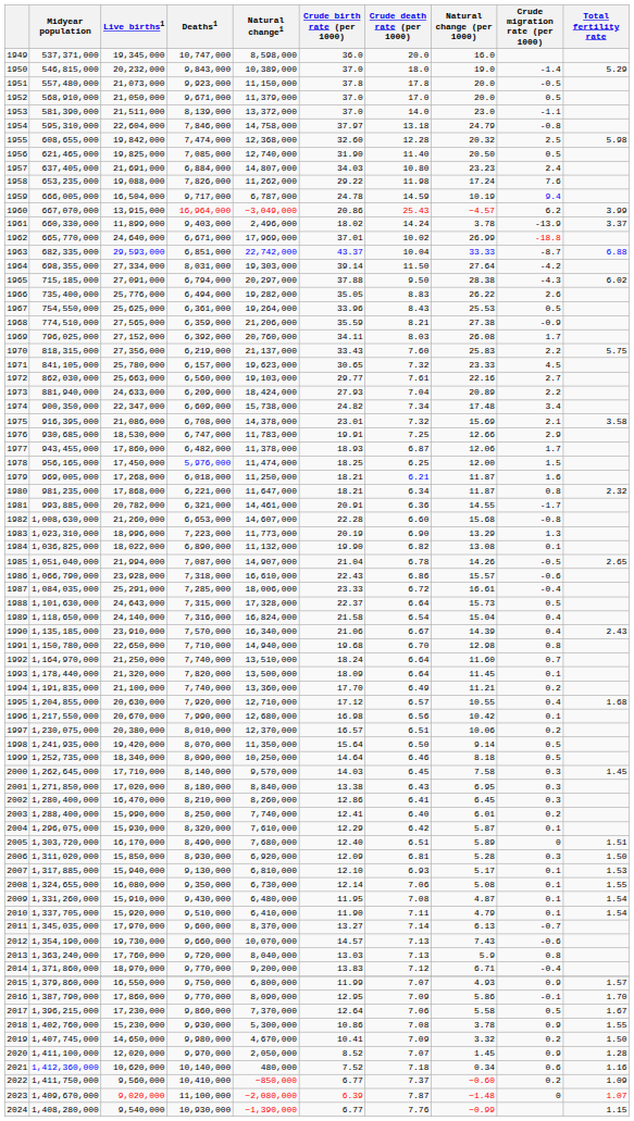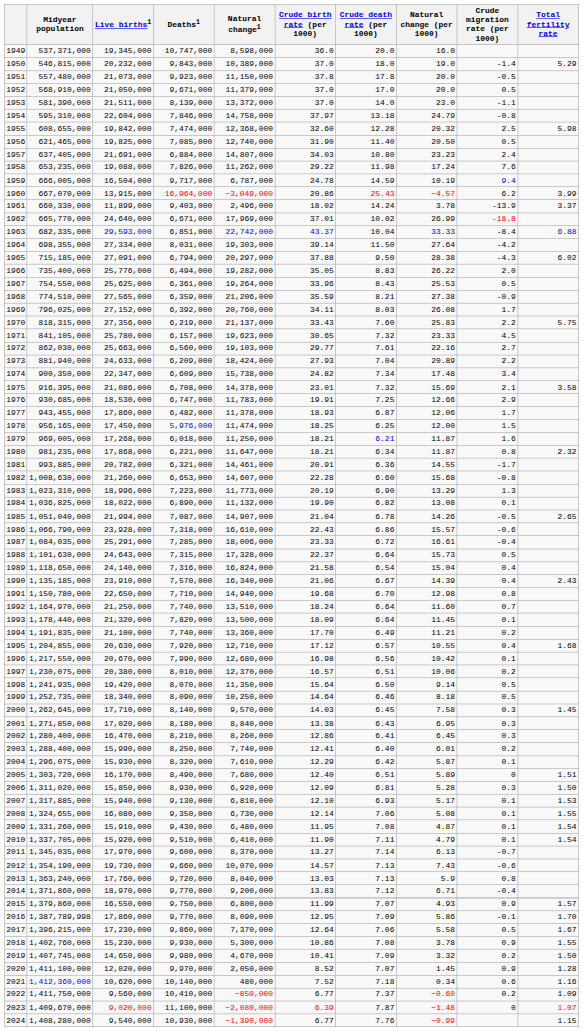 <table class="wikitable sortable" style="text-align: right">
 <tr>
 <th></th>
 <th style="width:70pt;">Midyear population</th>
 <th style="width:70pt;"><a href='#'>Live births</a><sup>1</sup></th>
 <th style="width:70pt;">Deaths<sup>1</sup></th>
 <th style="width:70pt;">Natural change<sup>1</sup></th>
 <th style="width:70pt;"><a href='#'>Crude birth rate</a> (per 1000)</th>
 <th style="width:70pt;"><a href='#'>Crude death rate</a> (per 1000)</th>
 <th style="width:70pt;">Natural change (per 1000)</th>
 <th style="width:70pt;">Crude migration rate (per 1000)</th>
 <th style="width:70pt;"><a href='#'>Total fertility rate</a></th>
 </tr>
 <tr>
 <td>1949</td>
 <td>537,371,000</td>
 <td>19,345,000</td>
 <td>10,747,000</td>
 <td>8,598,000</td>
 <td>36.0</td>
 <td>20.0</td>
 <td>16.0</td>
 <td></td>
 <td></td>
 </tr>
 <tr>
 <td>1950</td>
 <td>546,815,000</td>
 <td>20,232,000</td>
 <td>9,843,000</td>
 <td>10,389,000</td>
 <td>37.0</td>
 <td>18.0</td>
 <td>19.0</td>
 <td>-1.4</td>
 <td>5.29</td>
 </tr>
 <tr>
 <td>1951</td>
 <td>557,480,000</td>
 <td>21,073,000</td>
 <td>9,923,000</td>
 <td>11,150,000</td>
 <td>37.8</td>
 <td>17.8</td>
 <td>20.0</td>
 <td>-0.5</td>
 <td></td>
 </tr>
 <tr>
 <td>1952</td>
 <td>568,910,000</td>
 <td>21,050,000</td>
 <td>9,671,000</td>
 <td>11,379,000</td>
 <td>37.0</td>
 <td>17.0</td>
 <td>20.0</td>
 <td>0.5</td>
 <td></td>
 </tr>
 <tr>
 <td>1953</td>
 <td>581,390,000</td>
 <td>21,511,000</td>
 <td>8,139,000</td>
 <td>13,372,000</td>
 <td>37.0</td>
 <td>14.0</td>
 <td>23.0</td>
 <td>-1.1</td>
 <td></td>
 </tr>
 <tr>
 <td>1954</td>
 <td>595,310,000</td>
 <td>22,604,000</td>
 <td>7,846,000</td>
 <td>14,758,000</td>
 <td>37.97</td>
 <td>13.18</td>
 <td>24.79</td>
 <td>-0.8</td>
 <td></td>
 </tr>
 <tr>
 <td>1955</td>
 <td>608,655,000</td>
 <td>19,842,000</td>
 <td>7,474,000</td>
 <td>12,368,000</td>
 <td>32.60</td>
 <td>12.28</td>
 <td>20.32</td>
 <td>2.5</td>
 <td>5.98</td>
 </tr>
 <tr>
 <td>1956</td>
 <td>621,465,000</td>
 <td>19,825,000</td>
 <td>7,085,000</td>
 <td>12,740,000</td>
 <td>31.90</td>
 <td>11.40</td>
 <td>20.50</td>
 <td>0.5</td>
 <td></td>
 </tr>
 <tr>
 <td>1957</td>
 <td>637,405,000</td>
 <td>21,691,000</td>
 <td>6,884,000</td>
 <td>14,807,000</td>
 <td>34.03</td>
 <td>10.80</td>
 <td>23.23</td>
 <td>2.4</td>
 <td></td>
 </tr>
 <tr>
 <td>1958</td>
 <td>653,235,000</td>
 <td>19,088,000</td>
 <td>7,826,000</td>
 <td>11,262,000</td>
 <td>29.22</td>
 <td>11.98</td>
 <td>17.24</td>
 <td>7.6</td>
 <td></td>
 </tr>
 <tr>
 <td>1959</td>
 <td>666,005,000</td>
 <td>16,504,000</td>
 <td>9,717,000</td>
 <td>6,787,000</td>
 <td>24.78</td>
 <td>14.59</td>
 <td>10.19</td>
 <td style="color:blue">9.4</td>
 <td></td>
 </tr>
 <tr>
 <td>1960</td>
 <td>667,070,000</td>
 <td>13,915,000</td>
 <td style="color: red">16,964,000</td>
 <td style="color: red">−3,049,000</td>
 <td>20.86</td>
 <td style="color: red">25.43</td>
 <td style="color: red">−4.57</td>
 <td>6.2</td>
 <td>3.99</td>
 </tr>
 <tr>
 <td>1961</td>
 <td>660,330,000</td>
 <td>11,899,000</td>
 <td>9,403,000</td>
 <td>2,496,000</td>
 <td>18.02</td>
 <td>14.24</td>
 <td>3.78</td>
 <td>-13.9</td>
 <td>3.37</td>
 </tr>
 <tr>
 <td>1962</td>
 <td>665,770,000</td>
 <td>24,640,000</td>
 <td>6,671,000</td>
 <td>17,969,000</td>
 <td>37.01</td>
 <td>10.02</td>
 <td>26.99</td>
 <td style="color:red">-18.8</td>
 <td></td>
 </tr>
 <tr>
 <td>1963</td>
 <td>682,335,000</td>
 <td style="color: blue">29,593,000</td>
 <td>6,851,000</td>
 <td style="color: blue">22,742,000</td>
 <td style="color: blue">43.37</td>
 <td>10.04</td>
 <td style="color: blue">33.33</td>
-<td>-8.7</td>
+<td>-8.4</td>
 <td style="color: blue">6.88</td>
 </tr>
 <tr>
 <td>1964</td>
 <td>698,355,000</td>
 <td>27,334,000</td>
 <td>8,031,000</td>
 <td>19,303,000</td>
 <td>39.14</td>
 <td>11.50</td>
 <td>27.64</td>
 <td>-4.2</td>
 <td></td>
 </tr>
 <tr>
 <td>1965</td>
 <td>715,185,000</td>
 <td>27,091,000</td>
 <td>6,794,000</td>
 <td>20,297,000</td>
 <td>37.88</td>
 <td>9.50</td>
 <td>28.38</td>
 <td>-4.3</td>
 <td>6.02</td>
 </tr>
 <tr>
 <td>1966</td>
 <td>735,400,000</td>
 <td>25,776,000</td>
 <td>6,494,000</td>
 <td>19,282,000</td>
 <td>35.05</td>
 <td>8.83</td>
 <td>26.22</td>
-<td>2.6</td>
+<td>2.0</td>
 <td></td>
 </tr>
 <tr>
 <td>1967</td>
 <td>754,550,000</td>
 <td>25,625,000</td>
 <td>6,361,000</td>
 <td>19,264,000</td>
 <td>33.96</td>
 <td>8.43</td>
 <td>25.53</td>
 <td>0.5</td>
 <td></td>
 </tr>
 <tr>
 <td>1968</td>
 <td>774,510,000</td>
 <td>27,565,000</td>
 <td>6,359,000</td>
 <td>21,206,000</td>
 <td>35.59</td>
 <td>8.21</td>
 <td>27.38</td>
 <td>-0.9</td>
 <td></td>
 </tr>
 <tr>
 <td>1969</td>
 <td>796,025,000</td>
 <td>27,152,000</td>
 <td>6,392,000</td>
 <td>20,760,000</td>
 <td>34.11</td>
 <td>8.03</td>
 <td>26.08</td>
 <td>1.7</td>
 </tr>
 <tr>
 <td>1970</td>
 <td>818,315,000</td>
 <td>27,356,000</td>
 <td>6,219,000</td>
 <td>21,137,000</td>
 <td>33.43</td>
 <td>7.60</td>
 <td>25.83</td>
 <td>2.2</td>
 <td>5.75</td>
 </tr>
 <tr>
 <td>1971</td>
 <td>841,105,000</td>
 <td>25,780,000</td>
 <td>6,157,000</td>
 <td>19,623,000</td>
 <td>30.65</td>
 <td>7.32</td>
 <td>23.33</td>
 <td>4.5</td>
 <td></td>
 </tr>
 <tr>
 <td>1972</td>
 <td>862,030,000</td>
 <td>25,663,000</td>
 <td>6,560,000</td>
 <td>19,103,000</td>
 <td>29.77</td>
 <td>7.61</td>
 <td>22.16</td>
 <td>2.7</td>
 <td></td>
 </tr>
 <tr>
 <td>1973</td>
 <td>881,940,000</td>
 <td>24,633,000</td>
 <td>6,209,000</td>
 <td>18,424,000</td>
 <td>27.93</td>
 <td>7.04</td>
 <td>20.89</td>
 <td>2.2</td>
 <td></td>
 </tr>
 <tr>
 <td>1974</td>
 <td>900,350,000</td>
 <td>22,347,000</td>
 <td>6,609,000</td>
 <td>15,738,000</td>
 <td>24.82</td>
 <td>7.34</td>
 <td>17.48</td>
 <td>3.4</td>
 <td></td>
 </tr>
 <tr>
 <td>1975</td>
 <td>916,395,000</td>
 <td>21,086,000</td>
 <td>6,708,000</td>
 <td>14,378,000</td>
 <td>23.01</td>
 <td>7.32</td>
 <td>15.69</td>
 <td>2.1</td>
 <td>3.58</td>
 </tr>
 <tr>
 <td>1976</td>
 <td>930,685,000</td>
 <td>18,530,000</td>
 <td>6,747,000</td>
 <td>11,783,000</td>
 <td>19.91</td>
 <td>7.25</td>
 <td>12.66</td>
 <td>2.9</td>
 <td></td>
 </tr>
 <tr>
 <td>1977</td>
 <td>943,455,000</td>
 <td>17,860,000</td>
 <td>6,482,000</td>
 <td>11,378,000</td>
 <td>18.93</td>
 <td>6.87</td>
 <td>12.06</td>
 <td>1.7</td>
 <td></td>
 </tr>
 <tr>
 <td>1978</td>
 <td>956,165,000</td>
 <td>17,450,000</td>
 <td style="color: blue">5,976,000</td>
 <td>11,474,000</td>
 <td>18.25</td>
 <td>6.25</td>
 <td>12.00</td>
 <td>1.5</td>
 <td></td>
 </tr>
 <tr>
 <td>1979</td>
 <td>969,005,000</td>
 <td>17,268,000</td>
 <td>6,018,000</td>
 <td>11,250,000</td>
 <td>18.21</td>
 <td style="color: blue">6.21</td>
 <td>11.87</td>
 <td>1.6</td>
 <td></td>
 </tr>
 <tr>
 <td>1980</td>
 <td>981,235,000</td>
 <td>17,868,000</td>
 <td>6,221,000</td>
 <td>11,647,000</td>
 <td>18.21</td>
 <td>6.34</td>
 <td>11.87</td>
 <td>0.8</td>
 <td>2.32</td>
 </tr>
 <tr>
 <td>1981</td>
 <td>993,885,000</td>
 <td>20,782,000</td>
 <td>6,321,000</td>
 <td>14,461,000</td>
 <td>20.91</td>
 <td>6.36</td>
 <td>14.55</td>
 <td>-1.7</td>
 <td></td>
 </tr>
 <tr>
 <td>1982</td>
 <td>1,008,630,000</td>
 <td>21,260,000</td>
 <td>6,653,000</td>
 <td>14,607,000</td>
 <td>22.28</td>
 <td>6.60</td>
 <td>15.68</td>
 <td>-0.8</td>
 <td></td>
 </tr>
 <tr>
 <td>1983</td>
 <td>1,023,310,000</td>
 <td>18,996,000</td>
 <td>7,223,000</td>
 <td>11,773,000</td>
 <td>20.19</td>
 <td>6.90</td>
 <td>13.29</td>
 <td>1.3</td>
 <td></td>
 </tr>
 <tr>
 <td>1984</td>
 <td>1,036,825,000</td>
 <td>18,022,000</td>
 <td>6,890,000</td>
 <td>11,132,000</td>
 <td>19.90</td>
 <td>6.82</td>
 <td>13.08</td>
 <td>0.1</td>
 <td></td>
 </tr>
 <tr>
 <td>1985</td>
 <td>1,051,040,000</td>
 <td>21,994,000</td>
 <td>7,087,000</td>
 <td>14,907,000</td>
 <td>21.04</td>
 <td>6.78</td>
 <td>14.26</td>
 <td>-0.5</td>
 <td>2.65</td>
 </tr>
 <tr>
 <td>1986</td>
 <td>1,066,790,000</td>
 <td>23,928,000</td>
 <td>7,318,000</td>
 <td>16,610,000</td>
 <td>22.43</td>
 <td>6.86</td>
 <td>15.57</td>
 <td>-0.6</td>
 <td></td>
 </tr>
 <tr>
 <td>1987</td>
 <td>1,084,035,000</td>
 <td>25,291,000</td>
 <td>7,285,000</td>
 <td>18,006,000</td>
 <td>23.33</td>
 <td>6.72</td>
 <td>16.61</td>
 <td>-0.4</td>
 <td></td>
 </tr>
 <tr>
 <td>1988</td>
 <td>1,101,630,000</td>
 <td>24,643,000</td>
 <td>7,315,000</td>
 <td>17,328,000</td>
 <td>22.37</td>
 <td>6.64</td>
 <td>15.73</td>
 <td>0.5</td>
 <td></td>
 </tr>
 <tr>
 <td>1989</td>
 <td>1,118,650,000</td>
 <td>24,140,000</td>
 <td>7,316,000</td>
 <td>16,824,000</td>
 <td>21.58</td>
 <td>6.54</td>
 <td>15.04</td>
 <td>0.4</td>
 <td></td>
 </tr>
 <tr>
 <td>1990</td>
 <td>1,135,185,000</td>
 <td>23,910,000</td>
 <td>7,570,000</td>
 <td>16,340,000</td>
 <td>21.06</td>
 <td>6.67</td>
 <td>14.39</td>
 <td>0.4</td>
 <td>2.43</td>
 </tr>
 <tr>
 <td>1991</td>
 <td>1,150,780,000</td>
 <td>22,650,000</td>
 <td>7,710,000</td>
 <td>14,940,000</td>
 <td>19.68</td>
 <td>6.70</td>
 <td>12.98</td>
 <td>0.8</td>
 <td></td>
 </tr>
 <tr>
 <td>1992</td>
 <td>1,164,970,000</td>
 <td>21,250,000</td>
 <td>7,740,000</td>
 <td>13,510,000</td>
 <td>18.24</td>
 <td>6.64</td>
 <td>11.60</td>
 <td>0.7</td>
 <td></td>
 </tr>
 <tr>
 <td>1993</td>
 <td>1,178,440,000</td>
 <td>21,320,000</td>
 <td>7,820,000</td>
 <td>13,500,000</td>
 <td>18.09</td>
 <td>6.64</td>
 <td>11.45</td>
 <td>0.1</td>
 <td></td>
 </tr>
 <tr>
 <td>1994</td>
 <td>1,191,835,000</td>
 <td>21,100,000</td>
 <td>7,740,000</td>
 <td>13,360,000</td>
 <td>17.70</td>
 <td>6.49</td>
 <td>11.21</td>
 <td>0.2</td>
 <td></td>
 </tr>
 <tr>
 <td>1995</td>
 <td>1,204,855,000</td>
 <td>20,630,000</td>
 <td>7,920,000</td>
 <td>12,710,000</td>
 <td>17.12</td>
 <td>6.57</td>
 <td>10.55</td>
 <td>0.4</td>
 <td>1.68</td>
 </tr>
 <tr>
 <td>1996</td>
 <td>1,217,550,000</td>
 <td>20,670,000</td>
 <td>7,990,000</td>
 <td>12,680,000</td>
 <td>16.98</td>
 <td>6.56</td>
 <td>10.42</td>
 <td>0.1</td>
 <td></td>
 </tr>
 <tr>
 <td>1997</td>
 <td>1,230,075,000</td>
 <td>20,380,000</td>
 <td>8,010,000</td>
 <td>12,370,000</td>
 <td>16.57</td>
 <td>6.51</td>
 <td>10.06</td>
 <td>0.2</td>
 <td></td>
 </tr>
 <tr>
 <td>1998</td>
 <td>1,241,935,000</td>
 <td>19,420,000</td>
 <td>8,070,000</td>
 <td>11,350,000</td>
 <td>15.64</td>
 <td>6.50</td>
 <td>9.14</td>
 <td>0.5</td>
 <td></td>
 </tr>
 <tr>
 <td>1999</td>
 <td>1,252,735,000</td>
 <td>18,340,000</td>
 <td>8,090,000</td>
 <td>10,250,000</td>
 <td>14.64</td>
 <td>6.46</td>
 <td>8.18</td>
 <td>0.5</td>
 <td></td>
 </tr>
 <tr>
 <td>2000</td>
 <td>1,262,645,000</td>
 <td>17,710,000</td>
 <td>8,140,000</td>
 <td>9,570,000</td>
 <td>14.03</td>
 <td>6.45</td>
 <td>7.58</td>
 <td>0.3</td>
 <td>1.45</td>
 </tr>
 <tr>
 <td>2001</td>
 <td>1,271,850,000</td>
 <td>17,020,000</td>
 <td>8,180,000</td>
 <td>8,840,000</td>
 <td>13.38</td>
 <td>6.43</td>
 <td>6.95</td>
 <td>0.3</td>
 <td></td>
 </tr>
 <tr>
 <td>2002</td>
 <td>1,280,400,000</td>
 <td>16,470,000</td>
 <td>8,210,000</td>
 <td>8,260,000</td>
 <td>12.86</td>
 <td>6.41</td>
 <td>6.45</td>
 <td>0.3</td>
 <td></td>
 </tr>
 <tr>
 <td>2003</td>
 <td>1,288,400,000</td>
 <td>15,990,000</td>
 <td>8,250,000</td>
 <td>7,740,000</td>
 <td>12.41</td>
 <td>6.40</td>
 <td>6.01</td>
 <td>0.2</td>
 <td></td>
 </tr>
 <tr>
 <td>2004</td>
 <td>1,296,075,000</td>
 <td>15,930,000</td>
 <td>8,320,000</td>
 <td>7,610,000</td>
 <td>12.29</td>
 <td>6.42</td>
 <td>5.87</td>
 <td>0.1</td>
 <td></td>
 </tr>
 <tr>
 <td>2005</td>
 <td>1,303,720,000</td>
 <td>16,170,000</td>
 <td>8,490,000</td>
 <td>7,680,000</td>
 <td>12.40</td>
 <td>6.51</td>
 <td>5.89</td>
 <td>0</td>
 <td>1.51</td>
 </tr>
 <tr>
 <td>2006</td>
 <td>1,311,020,000</td>
 <td>15,850,000</td>
 <td>8,930,000</td>
 <td>6,920,000</td>
 <td>12.09</td>
 <td>6.81</td>
 <td>5.28</td>
 <td>0.3</td>
 <td>1.50</td>
 </tr>
 <tr>
 <td>2007</td>
 <td>1,317,885,000</td>
 <td>15,940,000</td>
 <td>9,130,000</td>
 <td>6,810,000</td>
 <td>12.10</td>
 <td>6.93</td>
 <td>5.17</td>
 <td>0.1</td>
 <td>1.53</td>
 </tr>
 <tr>
 <td>2008</td>
 <td>1,324,655,000</td>
 <td>16,080,000</td>
 <td>9,350,000</td>
 <td>6,730,000</td>
 <td>12.14</td>
 <td>7.06</td>
 <td>5.08</td>
 <td>0.1</td>
 <td>1.55</td>
 </tr>
 <tr>
 <td>2009</td>
 <td>1,331,260,000</td>
 <td>15,910,000</td>
 <td>9,430,000</td>
 <td>6,480,000</td>
 <td>11.95</td>
 <td>7.08</td>
 <td>4.87</td>
 <td>0.1</td>
 <td>1.54</td>
 </tr>
 <tr>
 <td>2010</td>
 <td>1,337,705,000</td>
 <td>15,920,000</td>
 <td>9,510,000</td>
 <td>6,410,000</td>
 <td>11.90</td>
 <td>7.11</td>
 <td>4.79</td>
 <td>0.1</td>
 <td>1.54</td>
 </tr>
 <tr>
 <td>2011</td>
 <td>1,345,035,000</td>
 <td>17,970,000</td>
 <td>9,600,000</td>
 <td>8,370,000</td>
 <td>13.27</td>
 <td>7.14</td>
 <td>6.13</td>
 <td>-0.7</td>
 <td></td>
 </tr>
 <tr>
 <td>2012</td>
 <td>1,354,190,000</td>
 <td>19,730,000</td>
 <td>9,660,000</td>
 <td>10,070,000</td>
 <td>14.57</td>
 <td>7.13</td>
 <td>7.43</td>
 <td>-0.6</td>
 <td></td>
 </tr>
 <tr>
 <td>2013</td>
 <td>1,363,240,000</td>
 <td>17,760,000</td>
 <td>9,720,000</td>
 <td>8,040,000</td>
 <td>13.03</td>
 <td>7.13</td>
 <td>5.9</td>
 <td>0.8</td>
 <td></td>
 </tr>
 <tr>
 <td>2014</td>
 <td>1,371,860,000</td>
 <td>18,970,000</td>
 <td>9,770,000</td>
 <td>9,200,000</td>
 <td>13.83</td>
 <td>7.12</td>
 <td>6.71</td>
 <td>-0.4</td>
 <td></td>
 </tr>
 <tr>
 </tr>
 <tr>
 <td>2015</td>
 <td>1,379,860,000</td>
 <td>16,550,000</td>
 <td>9,750,000</td>
 <td>6,800,000</td>
 <td>11.99</td>
 <td>7.07</td>
 <td>4.93</td>
 <td>0.9</td>
 <td>1.57</td>
 </tr>
 <tr>
 <td>2016</td>
-<td>1,387,790,000</td>
+<td>1,387,789,998</td>
 <td>17,860,000</td>
 <td>9,770,000</td>
 <td>8,090,000</td>
 <td>12.95</td>
 <td>7.09</td>
 <td>5.86</td>
 <td>-0.1</td>
 <td>1.70</td>
 </tr>
 <tr>
 <td>2017</td>
 <td>1,396,215,000</td>
 <td>17,230,000</td>
 <td>9,860,000</td>
 <td>7,370,000</td>
 <td>12.64</td>
 <td>7.06</td>
 <td>5.58</td>
 <td>0.5</td>
 <td>1.67</td>
 </tr>
 <tr>
 <td>2018</td>
 <td>1,402,760,000</td>
 <td>15,230,000</td>
 <td>9,930,000</td>
 <td>5,300,000</td>
 <td>10.86</td>
 <td>7.08</td>
 <td>3.78</td>
 <td>0.9</td>
 <td>1.55</td>
 </tr>
 <tr>
 <td>2019</td>
 <td>1,407,745,000</td>
 <td>14,650,000</td>
 <td>9,980,000</td>
 <td>4,670,000</td>
 <td>10.41</td>
 <td>7.09</td>
 <td>3.32</td>
 <td>0.2</td>
 <td>1.50</td>
 </tr>
 <tr>
 <td>2020</td>
 <td>1,411,100,000</td>
 <td>12,020,000</td>
 <td>9,970,000</td>
 <td>2,050,000</td>
 <td>8.52</td>
 <td>7.07</td>
 <td>1.45</td>
 <td>0.9</td>
 <td>1.28</td>
 </tr>
 <tr>
 <td>2021</td>
 <td style="color: blue">1,412,360,000</td>
 <td>10,620,000</td>
 <td>10,140,000</td>
 <td>480,000</td>
 <td>7.52</td>
 <td>7.18</td>
 <td>0.34</td>
 <td>0.6</td>
 <td>1.16</td>
 </tr>
 <tr>
 <td>2022</td>
 <td>1,411,750,000</td>
 <td>9,560,000</td>
 <td>10,410,000</td>
 <td style="color: red">−850,000</td>
 <td>6.77</td>
 <td>7.37</td>
 <td style="color: red">−0.60</td>
 <td>0.2</td>
 <td>1.09</td>
 </tr>
 <tr>
 <td>2023</td>
 <td>1,409,670,000</td>
 <td style="color: red">9,020,000</td>
 <td>11,100,000</td>
 <td style="color: red">−2,080,000</td>
 <td style="color: red">6.39</td>
 <td>7.87</td>
 <td style="color: red">−1.48</td>
 <td>0</td>
 <td style="color: red">1.07</td>
 </tr>
 <tr>
 <td>2024</td>
 <td>1,408,280,000</td>
 <td>9,540,000</td>
 <td>10,930,000</td>
 <td style="color: red">−1,390,000</td>
 <td>6.77</td>
 <td>7.76</td>
 <td style="color: red">−0.99</td>
 <td></td>
 <td>1.15</td>
 </tr>
 </table>
